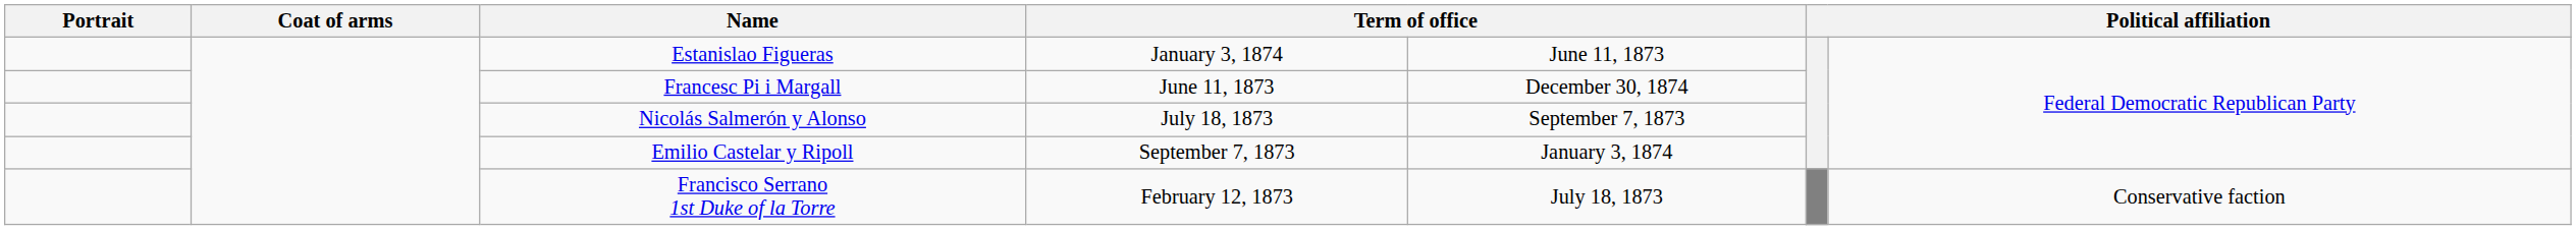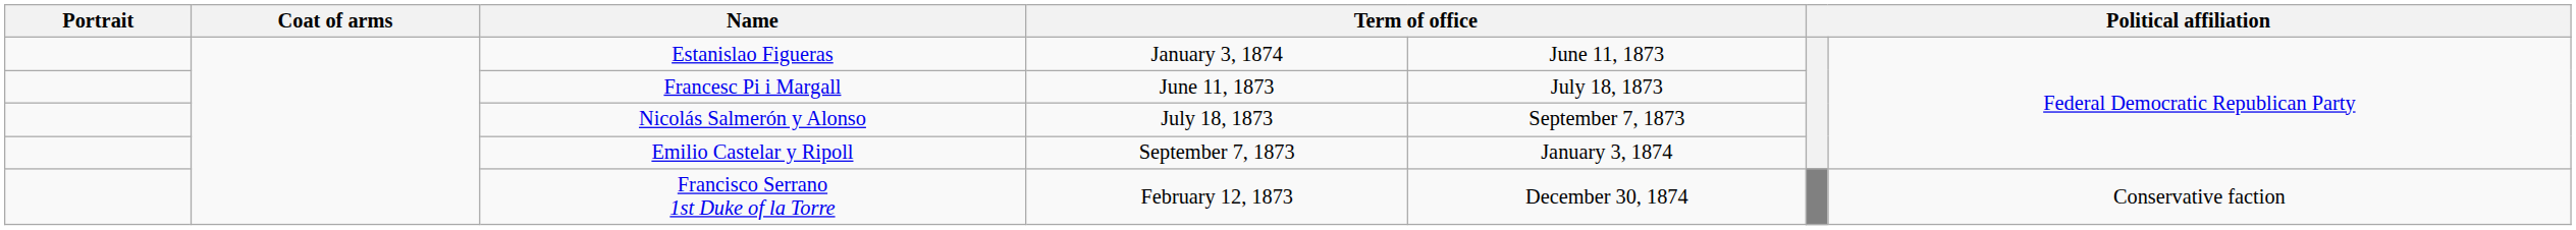 <table style="text-align:center; width:100%" class="wikitable">
 <tr>
 <th>Portrait</th>
 <th>Coat of arms</th>
 <th>Name<br></th>
 <th colspan=2>Term of office</th>
 <th colspan=2>Political affiliation</th>
 </tr>
 <tr>
 <td></td>
 <td rowspan="5"></td>
 <td><a href='#'>Estanislao Figueras</a><br></td>
 <td>January 3, 1874</td>
 <td>June 11, 1873</td>
 <th rowspan="4" style="background:"></th>
 <td rowspan="4"><a href='#'>Federal Democratic Republican Party</a></td>
 </tr>
 <tr>
 <td></td>
 <td><a href='#'>Francesc Pi i Margall</a><br></td>
 <td>June 11, 1873</td>
-<td>December 30, 1874</td>
+<td>July 18, 1873</td>
 </tr>
 <tr>
 <td></td>
 <td><a href='#'>Nicolás Salmerón y Alonso</a><br></td>
 <td>July 18, 1873</td>
 <td>September 7, 1873</td>
 </tr>
 <tr>
 <td></td>
 <td><a href='#'>Emilio Castelar y Ripoll</a><br></td>
 <td>September 7, 1873</td>
 <td>January 3, 1874</td>
 </tr>
 <tr>
 <td></td>
 <td><a href='#'>Francisco Serrano</a> <br> <a href='#'><em>1st Duke of la Torre</em></a><br></td>
 <td>February 12, 1873</td>
-<td>July 18, 1873</td>
+<td>December 30, 1874</td>
 <th style="background:Gray;"></th>
 <td>Conservative faction</td>
 </tr>
 </table>
